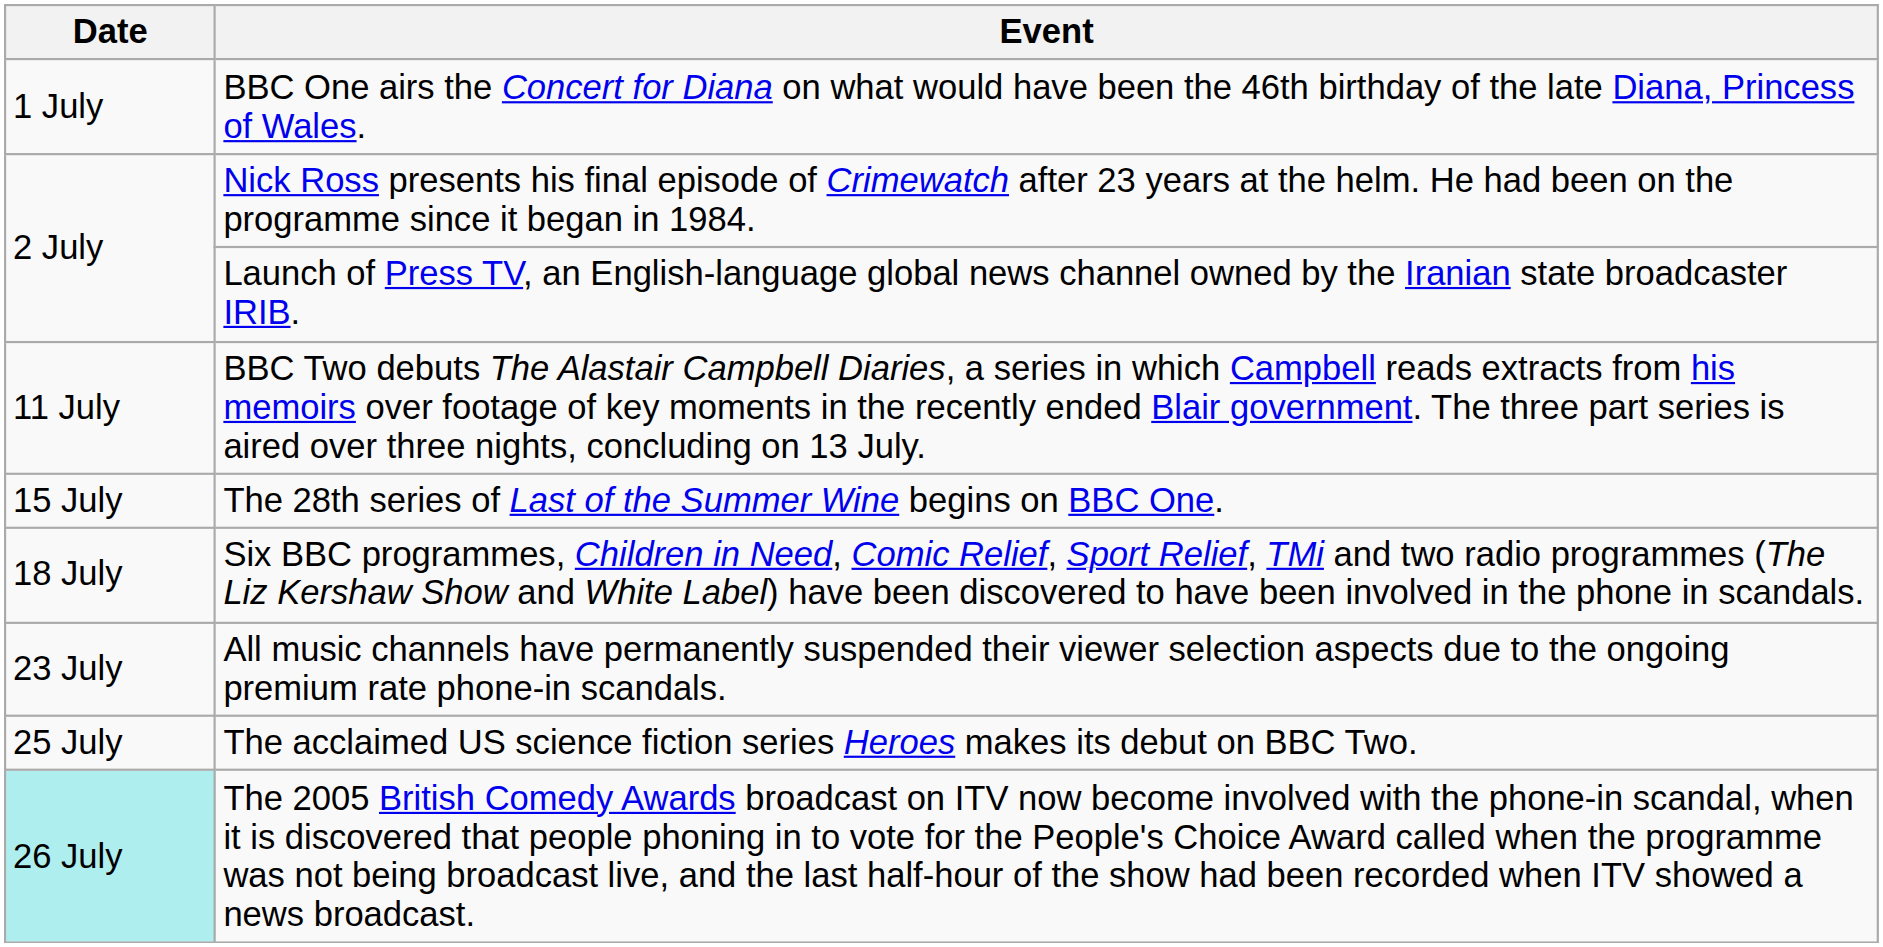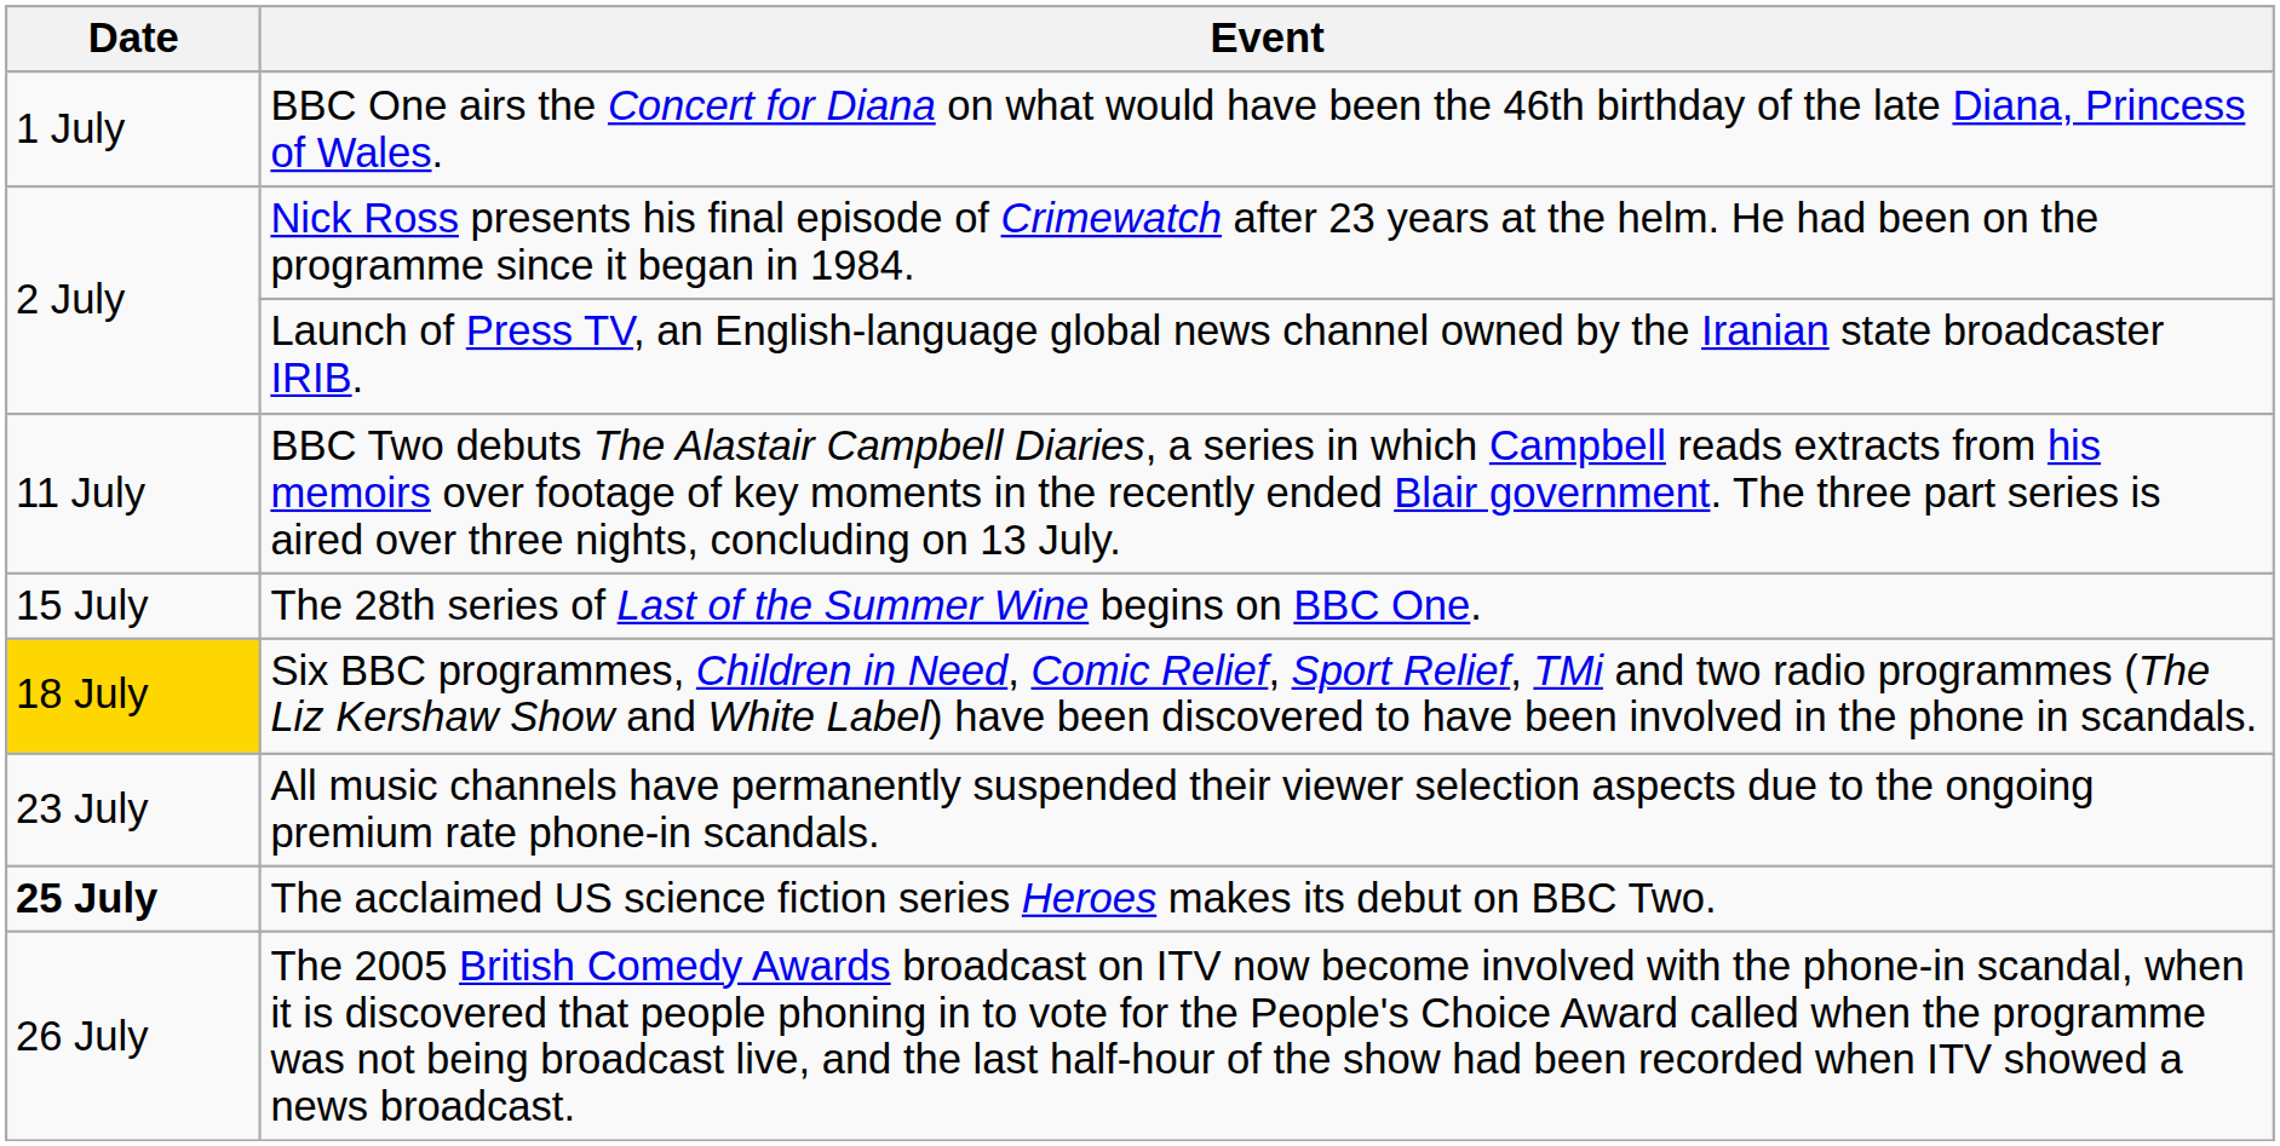 <table class="wikitable">
 <tr>
 <th width=90>Date</th>
 <th>Event</th>
 </tr>
 <tr>
 <td>1 July</td>
 <td>BBC One airs the <em><a href='#'>Concert for Diana</a></em> on what would have been the 46th birthday of the late <a href='#'>Diana, Princess of Wales</a>.</td>
 </tr>
 <tr>
 <td rowspan="2">2 July</td>
 <td><a href='#'>Nick Ross</a> presents his final episode of <em><a href='#'>Crimewatch</a></em> after 23 years at the helm. He had been on the programme since it began in 1984.</td>
 </tr>
 <tr>
 <td>Launch of <a href='#'>Press TV</a>, an English-language global news channel owned by the <a href='#'>Iranian</a> state broadcaster <a href='#'>IRIB</a>.</td>
 </tr>
 <tr>
 <td>11 July</td>
 <td>BBC Two debuts <em>The Alastair Campbell Diaries</em>, a series in which <a href='#'>Campbell</a> reads extracts from <a href='#'>his memoirs</a> over footage of key moments in the recently ended <a href='#'>Blair government</a>. The three part series is aired over three nights, concluding on 13 July.</td>
 </tr>
 <tr>
 <td>15 July</td>
 <td>The 28th series of <em><a href='#'>Last of the Summer Wine</a></em> begins on <a href='#'>BBC One</a>.</td>
 </tr>
 <tr>
-<td>18 July</td>
+<td style="background: gold;">18 July</td>
 <td>Six BBC programmes, <em><a href='#'>Children in Need</a></em>, <em><a href='#'>Comic Relief</a></em>, <em><a href='#'>Sport Relief</a></em>, <em><a href='#'>TMi</a></em> and two radio programmes (<em>The Liz Kershaw Show</em> and <em>White Label</em>) have been discovered to have been involved in the phone in scandals.</td>
 </tr>
 <tr>
 <td>23 July</td>
 <td>All music channels have permanently suspended their viewer selection aspects due to the ongoing premium rate phone-in scandals.</td>
 </tr>
 <tr>
-<td>25 July</td>
+<td><strong>25 July</strong></td>
 <td>The acclaimed US science fiction series <em><a href='#'>Heroes</a></em> makes its debut on BBC Two.</td>
 </tr>
 <tr>
-<td style="background: paleturquoise;">26 July</td>
+<td>26 July</td>
 <td>The 2005 <a href='#'>British Comedy Awards</a> broadcast on ITV now become involved with the phone-in scandal, when it is discovered that people phoning in to vote for the People's Choice Award called when the programme was not being broadcast live, and the last half-hour of the show had been recorded when ITV showed a news broadcast.</td>
 </tr>
 </table>
